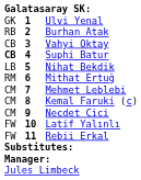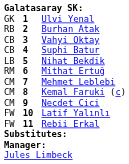 <table style="font-size: 90%" cellspacing="0" cellpadding="0">
 <tr>
 <td colspan="4"><strong>Galatasaray SK:</strong></td>
 </tr>
 <tr>
 <th width="25"></th>
 <th width="25"></th>
 </tr>
 <tr>
 <td>GK</td>
 <td><strong>1</strong></td>
 <td> <a href='#'>Ulvi Yenal</a></td>
 </tr>
 <tr>
 <td>RB</td>
 <td><strong>2</strong></td>
 <td> <a href='#'>Burhan Atak</a></td>
 </tr>
 <tr>
 <td>CB</td>
 <td><strong>3</strong></td>
 <td> <a href='#'>Vahyi Oktay</a></td>
 </tr>
 <tr>
-<td><strong>CB</strong></td>
+<td>CB</td>
 <td><strong>4</strong></td>
 <td> <a href='#'>Suphi Batur</a></td>
 </tr>
 <tr>
 <td>LB</td>
 <td><strong>5</strong></td>
 <td> <a href='#'>Nihat Bekdik</a></td>
 </tr>
 <tr>
 <td>RM</td>
 <td><strong>6</strong></td>
 <td> <a href='#'>Mithat Ertuğ</a></td>
 </tr>
 <tr>
 <td>CM</td>
 <td><strong>7</strong></td>
 <td> <a href='#'>Mehmet Leblebi</a></td>
 </tr>
 <tr>
 <td>CM</td>
 <td><strong>8</strong></td>
 <td> <a href='#'>Kemal Faruki</a> (<a href='#'>c</a>)</td>
 </tr>
 <tr>
 <td>CM</td>
 <td><strong>9</strong></td>
 <td> <a href='#'>Necdet Cici</a></td>
 </tr>
 <tr>
 <td>FW</td>
 <td><strong>10</strong></td>
 <td> <a href='#'>Latif Yalınlı</a></td>
 </tr>
 <tr>
 <td>FW</td>
 <td><strong>11</strong></td>
 <td> <a href='#'>Rebii Erkal</a></td>
 </tr>
 <tr>
 <td colspan=4><strong>Substitutes:</strong></td>
 </tr>
 <tr>
 <td colspan=4><strong>Manager:</strong></td>
 </tr>
 <tr>
 <td colspan="4"> <a href='#'>Jules Limbeck</a></td>
 </tr>
 </table>
